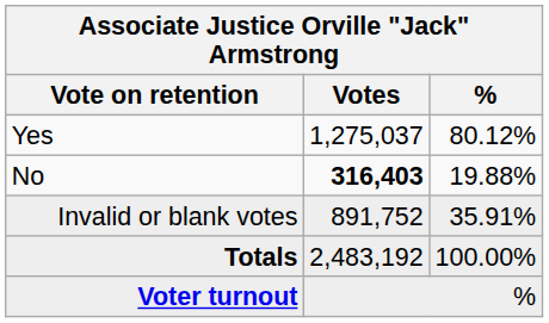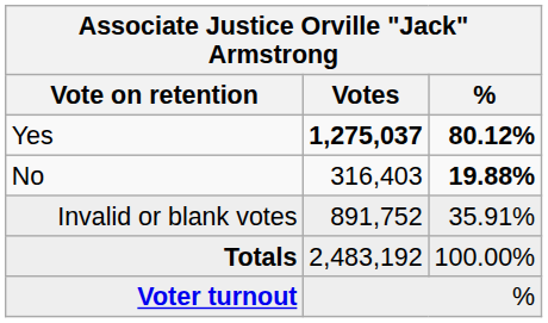 <table class="wikitable" style="font-size: 95%;">
 <tr style="background-color:#E9E9E9">
 <th colspan=7>Associate Justice Orville "Jack" Armstrong</th>
 </tr>
 <tr style="background-color:#E9E9E9">
 <th style="width: 170px">Vote on retention</th>
 <th style="width: 50px">Votes</th>
 <th style="width: 40px">%</th>
 </tr>
 <tr>
 <td>Yes</td>
-<td align="right">1,275,037</td>
-<td align="right">80.12%</td>
+<td align="right"><strong>1,275,037</strong></td>
+<td align="right"><strong>80.12%</strong></td>
 </tr>
 <tr>
 <td>No</td>
-<td align="right"><strong>316,403</strong></td>
-<td align="right">19.88%</td>
+<td align="right">316,403</td>
+<td align="right"><strong>19.88%</strong></td>
 </tr>
 <tr style="background-color:#EEEEEE">
 <td align="right">Invalid or blank votes</td>
 <td align="right">891,752</td>
 <td align="right">35.91%</td>
 </tr>
 <tr style="background-color:#EEEEEE">
 <td colspan="1" align="right"><strong>Totals</strong></td>
 <td align="right">2,483,192</td>
 <td align="right">100.00%</td>
 </tr>
 <tr style="background-color:#EEEEEE">
 <td align="right"><strong><a href='#'>Voter turnout</a></strong></td>
 <td colspan="2" align="right">%</td>
 </tr>
 </table>
